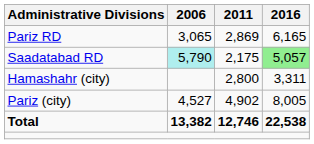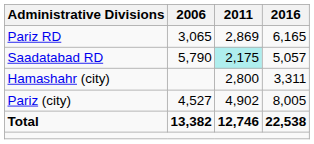 <table class="wikitable">
 <tr>
 <th>Administrative Divisions</th>
 <th>2006</th>
 <th>2011</th>
 <th>2016</th>
 </tr>
 <tr>
 <td><a href='#'>Pariz RD</a></td>
 <td style="text-align: right;">3,065</td>
 <td style="text-align: right;">2,869</td>
 <td style="text-align: right;">6,165</td>
 </tr>
 <tr>
 <td><a href='#'>Saadatabad RD</a></td>
-<td style="background: paleturquoise; text-align: right;">5,790</td>
-<td style="text-align: right;">2,175</td>
-<td style="background: lightgreen; text-align: right;">5,057</td>
+<td style="text-align: right;">5,790</td>
+<td style="background: paleturquoise; text-align: right;">2,175</td>
+<td style="text-align: right;">5,057</td>
 </tr>
 <tr>
 <td><a href='#'>Hamashahr</a> (city)</td>
 <td style="text-align: right;"></td>
 <td style="text-align: right;">2,800</td>
 <td style="text-align: right;">3,311</td>
 </tr>
 <tr>
 <td><a href='#'>Pariz</a> (city)</td>
 <td style="text-align: right;">4,527</td>
 <td style="text-align: right;">4,902</td>
 <td style="text-align: right;">8,005</td>
 </tr>
 <tr>
 <td><strong>Total</strong></td>
 <td style="text-align: right;"><strong>13,382</strong></td>
 <td style="text-align: right;"><strong>12,746</strong></td>
 <td style="text-align: right;"><strong>22,538</strong></td>
 </tr>
 <tr>
 <td colspan=4></td>
 </tr>
 </table>
